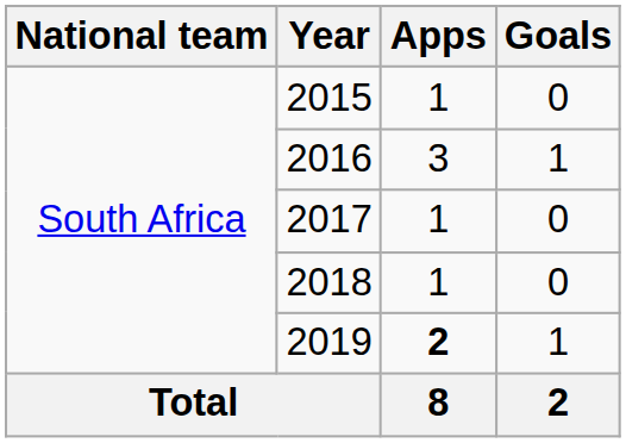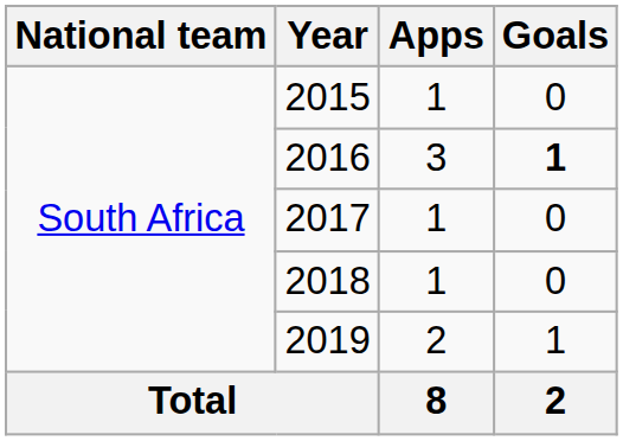 <table class="wikitable" style="text-align:center">
 <tr>
 <th>National team</th>
 <th>Year</th>
 <th>Apps</th>
 <th>Goals</th>
 </tr>
 <tr>
 <td rowspan="5"><a href='#'>South Africa</a></td>
 <td>2015</td>
 <td>1</td>
 <td>0</td>
 </tr>
 <tr>
 <td>2016</td>
 <td>3</td>
-<td>1</td>
+<td><strong>1</strong></td>
 </tr>
 <tr>
 <td>2017</td>
 <td>1</td>
 <td>0</td>
 </tr>
 <tr>
 <td>2018</td>
 <td>1</td>
 <td>0</td>
 </tr>
 <tr>
 <td>2019</td>
-<td><strong>2</strong></td>
+<td>2</td>
 <td>1</td>
 </tr>
 <tr>
 <th colspan="2">Total</th>
 <th>8</th>
 <th>2</th>
 </tr>
 </table>
